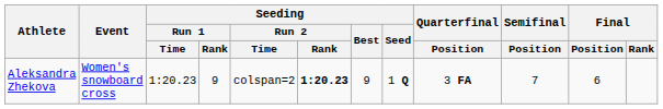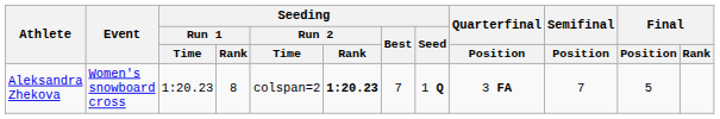 <table class=wikitable style=font-size:90%>
 <tr>
 <th rowspan=3>Athlete</th>
 <th rowspan=3>Event</th>
 <th colspan=6>Seeding</th>
 <th rowspan=2>Quarterfinal</th>
 <th rowspan=2>Semifinal</th>
 <th rowspan=2 colspan=2>Final</th>
 </tr>
 <tr style=font-size:95%>
 <th colspan=2>Run 1</th>
 <th colspan=2>Run 2</th>
 <th rowspan=2>Best</th>
 <th rowspan=2>Seed</th>
 </tr>
 <tr style=font-size:95%>
 <th>Time</th>
 <th>Rank</th>
 <th>Time</th>
 <th>Rank</th>
 <th>Position</th>
 <th>Position</th>
 <th>Position</th>
 <th>Rank</th>
 </tr>
 <tr align=center>
 <td align="left"><a href='#'>Aleksandra Zhekova</a></td>
 <td align="left"><a href='#'>Women's snowboard cross</a></td>
 <td>1:20.23</td>
-<td>9</td>
+<td>8</td>
 <td>colspan=2 </td>
 <td><strong>1:20.23</strong></td>
-<td>9</td>
+<td>7</td>
 <td>1 <strong>Q</strong></td>
 <td>3 <strong>FA</strong></td>
 <td>7</td>
-<td>6</td>
+<td>5</td>
 </tr>
 </table>
